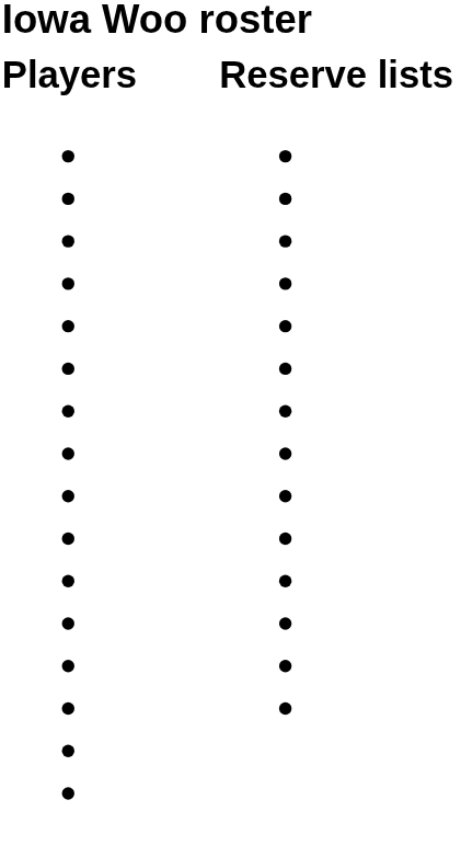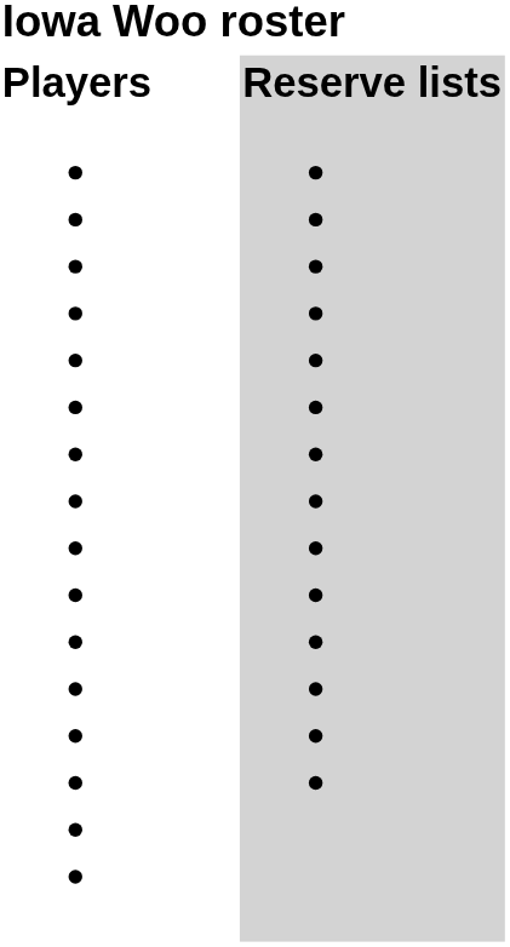 <table class="toccolours" style="text-align: left;">
 <tr>
 <th colspan="7">Iowa Woo roster</th>
 </tr>
 <tr>
 <td style="font-size: 95%;vertical-align:top;"><strong>Players</strong><br><ul><li></li><li></li><li></li><li></li><li></li><li></li><li></li><li></li><li></li><li></li><li></li><li></li><li></li><li></li><li></li><li></li></ul></td>
 <td style="width: 25px;"></td>
-<td style="font-size: 95%;vertical-align:top;"><strong>Reserve lists</strong><br><ul><li></li><li></li><li></li><li></li><li></li><li></li><li></li><li></li><li></li><li></li><li></li><li></li><li></li><li></li></ul></td>
+<td style="background: lightgrey; font-size: 95%;vertical-align:top;"><strong>Reserve lists</strong><br><ul><li></li><li></li><li></li><li></li><li></li><li></li><li></li><li></li><li></li><li></li><li></li><li></li><li></li><li></li></ul></td>
 </tr>
 <tr>
 </tr>
 </table>
